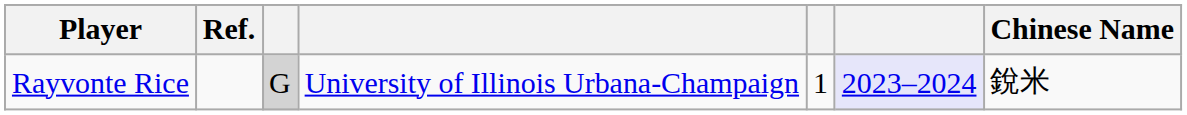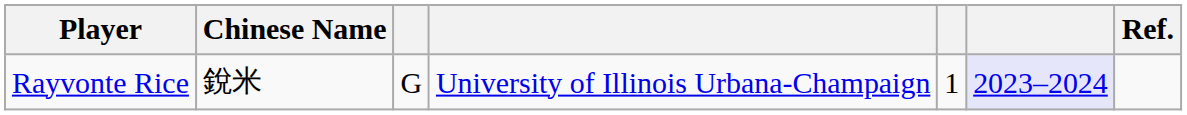 <table class="wikitable sortable" style="font-size:95%; text-align:left;">
 <tr>
 <th>Player</th>
-<th>Ref.</th>
+<th>Chinese Name</th>
 <th></th>
 <th></th>
 <th></th>
 <th></th>
-<th>Chinese Name</th>
+<th>Ref.</th>
 </tr>
 <tr>
 <td><a href='#'>Rayvonte Rice</a></td>
-<td></td>
-<td align="center" style="background: lightgrey;">G</td>
+<td>銳米</td>
+<td align="center">G</td>
 <td><a href='#'>University of Illinois Urbana-Champaign</a></td>
 <td align="center">1</td>
 <td align="center" style="background: lavender;"><a href='#'>2023–2024</a></td>
-<td>銳米</td>
+<td></td>
 </tr>
 </table>
